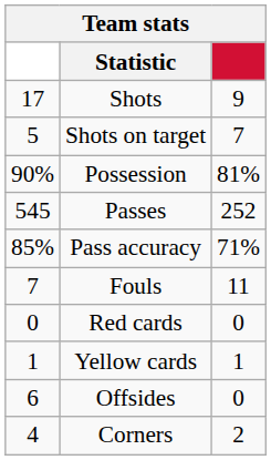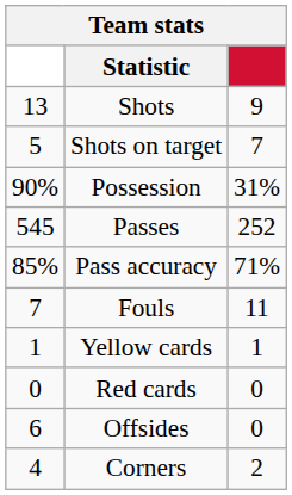 <table class="wikitable" style="margin-left: auto; margin-right: auto; border: none; text-align:center;">
 <tr>
 <th colspan=3>Team stats</th>
 </tr>
 <tr>
 <th style="background: #FFFFFF; color: #3C3B6E;"> <a href='#'></a></th>
 <th>Statistic</th>
 <th style="background: #d21034; color: #FFFFFF;"> <a href='#'></a></th>
 </tr>
 <tr>
-<td>17</td>
+<td>13</td>
 <td>Shots</td>
 <td>9</td>
 </tr>
 <tr>
 <td>5</td>
 <td>Shots on target</td>
 <td>7</td>
 </tr>
 <tr>
 <td>90%</td>
 <td>Possession</td>
-<td>81%</td>
+<td>31%</td>
 </tr>
 <tr>
 <td>545</td>
 <td>Passes</td>
 <td>252</td>
 </tr>
 <tr>
 <td>85%</td>
 <td>Pass accuracy</td>
 <td>71%</td>
 </tr>
 <tr>
 <td>7</td>
 <td>Fouls</td>
 <td>11</td>
 </tr>
 <tr>
+<td>1</td>
+<td>Yellow cards</td>
+<td>1</td>
+</tr>
+<tr>
 <td>0</td>
 <td>Red cards</td>
 <td>0</td>
-</tr>
-<tr>
-<td>1</td>
-<td>Yellow cards</td>
-<td>1</td>
 </tr>
 <tr>
 <td>6</td>
 <td>Offsides</td>
 <td>0</td>
 </tr>
 <tr>
 <td>4</td>
 <td>Corners</td>
 <td>2</td>
 </tr>
 </table>
